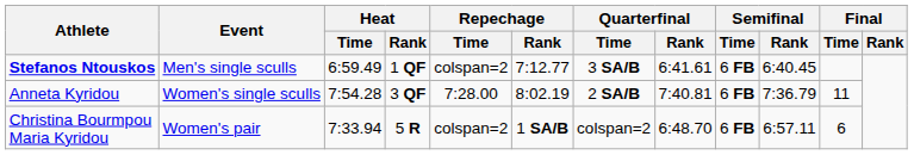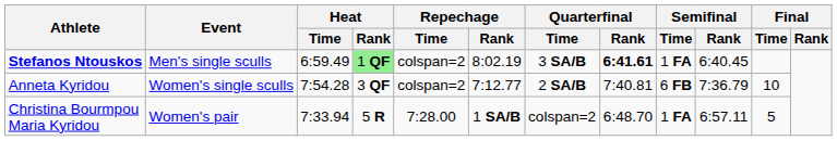 <table class="wikitable" style="font-size:90%">
 <tr>
 <th rowspan="2">Athlete</th>
 <th rowspan="2">Event</th>
 <th colspan="2">Heat</th>
 <th colspan="2">Repechage</th>
 <th colspan="2">Quarterfinal</th>
 <th colspan="2">Semifinal</th>
 <th colspan="2">Final</th>
 </tr>
 <tr style="font-size:95%">
 <th>Time</th>
 <th>Rank</th>
 <th>Time</th>
 <th>Rank</th>
 <th>Time</th>
 <th>Rank</th>
 <th>Time</th>
 <th>Rank</th>
 <th>Time</th>
 <th>Rank</th>
 </tr>
 <tr align=center>
 <td align=left><strong><a href='#'>Stefanos Ntouskos</a></strong></td>
 <td align=left><a href='#'>Men's single sculls</a></td>
 <td>6:59.49</td>
-<td>1 <strong>QF</strong></td>
+<td style="background: lightgreen;">1 <strong>QF</strong></td>
 <td>colspan=2 </td>
-<td>7:12.77</td>
+<td>8:02.19</td>
 <td>3 <strong>SA/B</strong></td>
-<td>6:41.61</td>
-<td>6 <strong>FB</strong></td>
+<td><strong>6:41.61</strong></td>
+<td>1 <strong>FA</strong></td>
 <td>6:40.45 </td>
 <td></td>
 </tr>
 <tr align=center>
 <td align=left><a href='#'>Anneta Kyridou</a></td>
 <td align=left><a href='#'>Women's single sculls</a></td>
 <td>7:54.28</td>
 <td>3 <strong>QF</strong></td>
-<td>7:28.00</td>
-<td>8:02.19</td>
+<td>colspan=2 </td>
+<td>7:12.77</td>
 <td>2 <strong>SA/B</strong></td>
 <td>7:40.81</td>
 <td>6 <strong>FB</strong></td>
 <td>7:36.79</td>
-<td>11</td>
+<td>10</td>
 </tr>
 <tr align=center>
 <td align=left><a href='#'>Christina Bourmpou</a><br><a href='#'>Maria Kyridou</a></td>
 <td align=left><a href='#'>Women's pair</a></td>
 <td>7:33.94</td>
 <td>5 <strong>R</strong></td>
-<td>colspan=2 </td>
+<td>7:28.00</td>
 <td>1 <strong>SA/B</strong></td>
 <td>colspan=2 </td>
 <td>6:48.70 </td>
-<td>6 <strong>FB</strong></td>
+<td>1 <strong>FA</strong></td>
 <td>6:57.11</td>
-<td>6</td>
+<td>5</td>
 </tr>
 </table>
